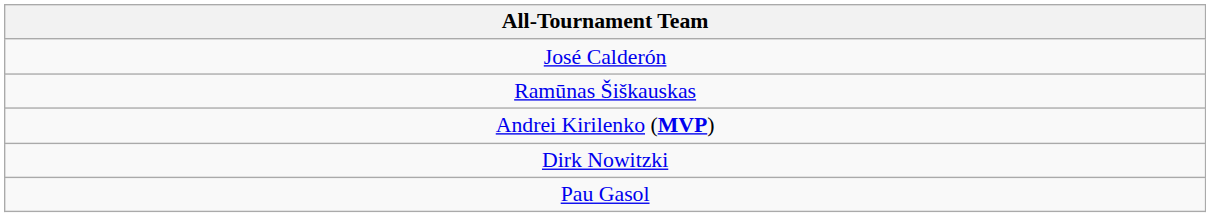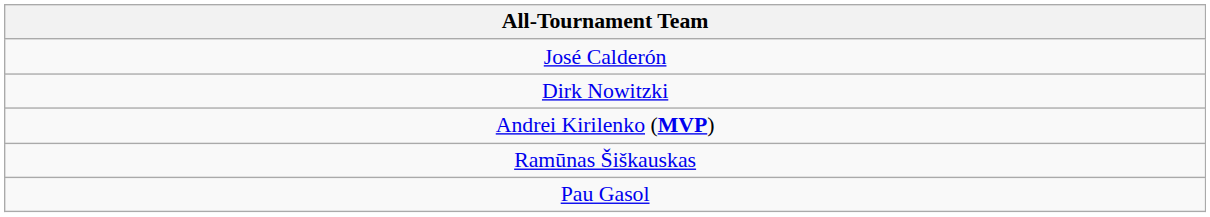 <table class="wikitable sortable" style="text-align:center; width: 100%">
 <tr>
 <th>All-Tournament Team</th>
 </tr>
 <tr>
 <td> <a href='#'>José Calderón</a></td>
 </tr>
 <tr>
-<td> <a href='#'>Ramūnas Šiškauskas</a></td>
+<td> <a href='#'>Dirk Nowitzki</a></td>
 </tr>
 <tr>
 <td> <a href='#'>Andrei Kirilenko</a> (<strong><a href='#'>MVP</a></strong>)</td>
 </tr>
 <tr>
-<td> <a href='#'>Dirk Nowitzki</a></td>
+<td> <a href='#'>Ramūnas Šiškauskas</a></td>
 </tr>
 <tr>
 <td> <a href='#'>Pau Gasol</a></td>
 </tr>
 </table>
